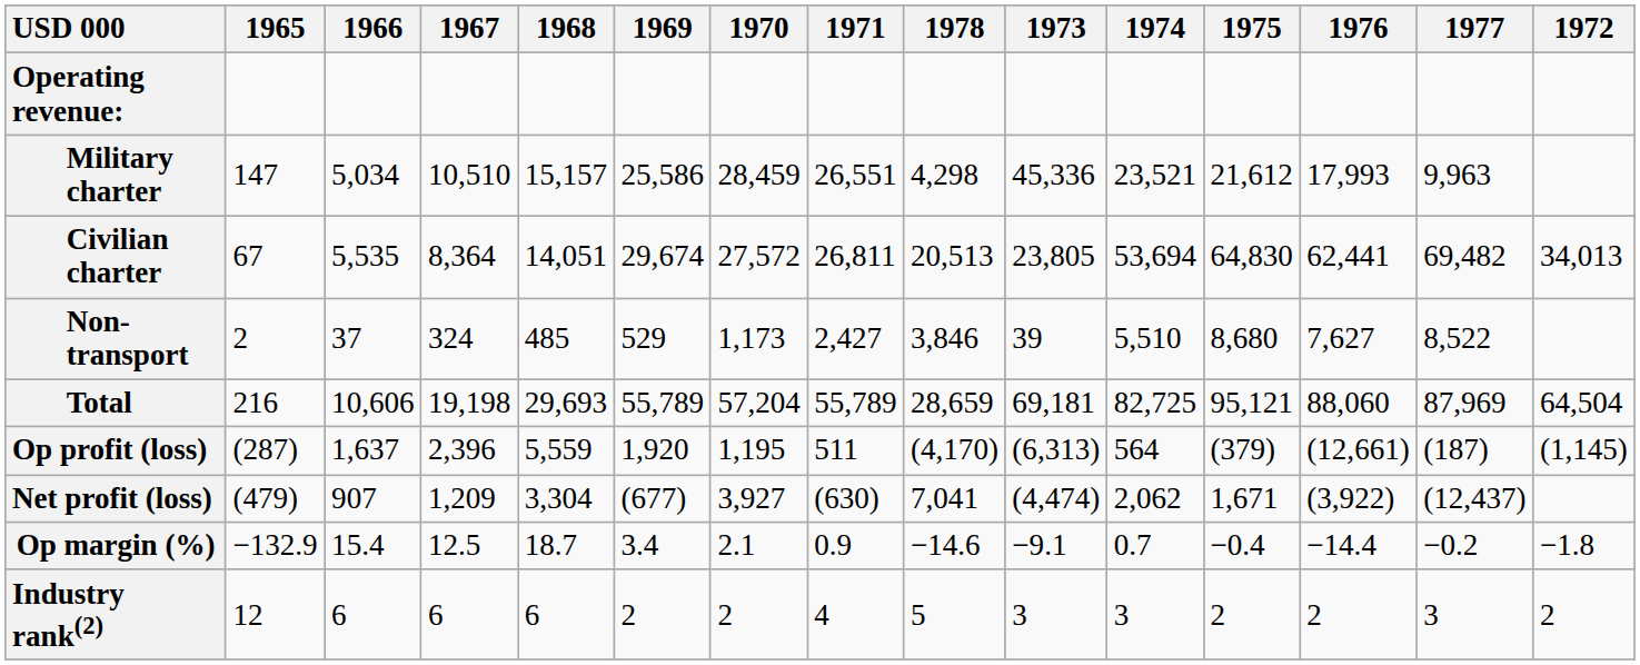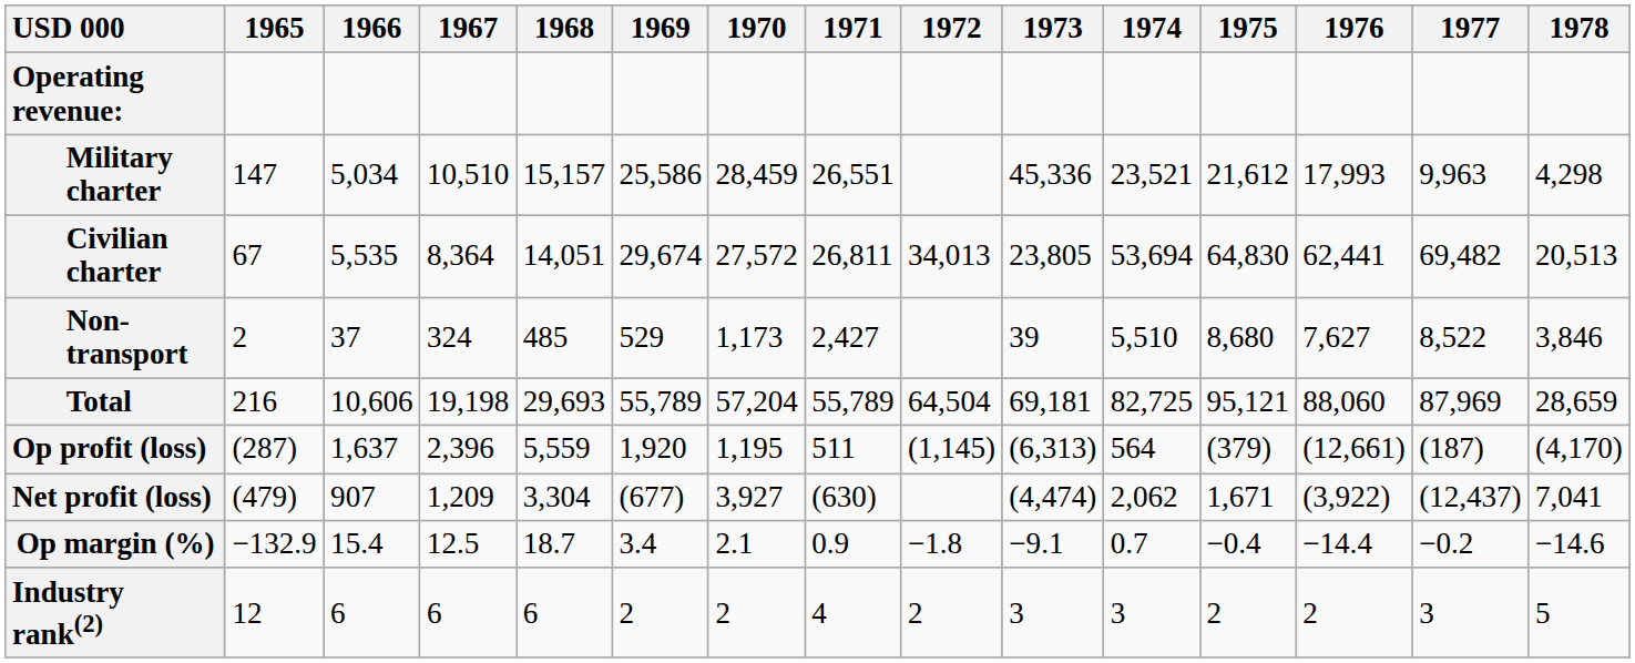 <table class="wikitable plain-row-headers defaultright">
 <tr>
 <th style="text-align: left;">USD 000</th>
 <th>1965</th>
 <th>1966</th>
 <th>1967</th>
 <th>1968</th>
 <th>1969</th>
 <th>1970</th>
 <th>1971</th>
-<th>1978</th>
+<th>1972</th>
 <th>1973</th>
 <th>1974</th>
 <th>1975</th>
 <th>1976</th>
 <th>1977</th>
-<th>1972</th>
+<th>1978</th>
 </tr>
 <tr>
 <th style="text-align: left;">Operating revenue:</th>
 <td></td>
 <td></td>
 <td></td>
 <td></td>
 <td></td>
 <td></td>
 <td></td>
 <td></td>
 <td></td>
 <td></td>
 <td></td>
 <td></td>
 <td></td>
 <td></td>
 </tr>
 <tr>
 <th style="text-align: left; padding-left: 2em;">Military charter</th>
 <td>147</td>
 <td>5,034</td>
 <td>10,510</td>
 <td>15,157</td>
 <td>25,586</td>
 <td>28,459</td>
 <td>26,551</td>
-<td>4,298</td>
+<td></td>
 <td>45,336</td>
 <td>23,521</td>
 <td>21,612</td>
 <td>17,993</td>
 <td>9,963</td>
-<td></td>
+<td>4,298</td>
 </tr>
 <tr>
 <th style="text-align: left; padding-left: 2em;">Civilian charter</th>
 <td>67</td>
 <td>5,535</td>
 <td>8,364</td>
 <td>14,051</td>
 <td>29,674</td>
 <td>27,572</td>
 <td>26,811</td>
-<td>20,513</td>
+<td>34,013</td>
 <td>23,805</td>
 <td>53,694</td>
 <td>64,830</td>
 <td>62,441</td>
 <td>69,482</td>
-<td>34,013</td>
+<td>20,513</td>
 </tr>
 <tr>
 <th style="text-align: left; padding-left: 2em;">Non-transport</th>
 <td>2</td>
 <td>37</td>
 <td>324</td>
 <td>485</td>
 <td>529</td>
 <td>1,173</td>
 <td>2,427</td>
-<td>3,846</td>
+<td></td>
 <td>39</td>
 <td>5,510</td>
 <td>8,680</td>
 <td>7,627</td>
 <td>8,522</td>
-<td></td>
+<td>3,846</td>
 </tr>
 <tr>
 <th style="text-align: left; padding-left: 2em;">Total</th>
 <td>216</td>
 <td>10,606</td>
 <td>19,198</td>
 <td>29,693</td>
 <td>55,789</td>
 <td>57,204</td>
 <td>55,789</td>
-<td>28,659</td>
+<td>64,504</td>
 <td>69,181</td>
 <td>82,725</td>
 <td>95,121</td>
 <td>88,060</td>
 <td>87,969</td>
-<td>64,504</td>
+<td>28,659</td>
 </tr>
 <tr>
 <th style="text-align: left;">Op profit (loss)</th>
 <td>(287)</td>
 <td>1,637</td>
 <td>2,396</td>
 <td>5,559</td>
 <td>1,920</td>
 <td>1,195</td>
 <td>511</td>
-<td>(4,170)</td>
+<td>(1,145)</td>
 <td>(6,313)</td>
 <td>564</td>
 <td>(379)</td>
 <td>(12,661)</td>
 <td>(187)</td>
-<td>(1,145)</td>
+<td>(4,170)</td>
 </tr>
 <tr>
 <th style="text-align: left;">Net profit (loss)</th>
 <td>(479)</td>
 <td>907</td>
 <td>1,209</td>
 <td>3,304</td>
 <td>(677)</td>
 <td>3,927</td>
 <td>(630)</td>
-<td>7,041</td>
+<td></td>
 <td>(4,474)</td>
 <td>2,062</td>
 <td>1,671</td>
 <td>(3,922)</td>
 <td>(12,437)</td>
-<td></td>
+<td>7,041</td>
 </tr>
 <tr>
 <th style="text align: left;">Op margin (%)</th>
 <td>−132.9</td>
 <td>15.4</td>
 <td>12.5</td>
 <td>18.7</td>
 <td>3.4</td>
 <td>2.1</td>
 <td>0.9</td>
-<td>−14.6</td>
+<td>−1.8</td>
 <td>−9.1</td>
 <td>0.7</td>
 <td>−0.4</td>
 <td>−14.4</td>
 <td>−0.2</td>
-<td>−1.8</td>
+<td>−14.6</td>
 </tr>
 <tr>
 <th style="text-align: left;">Industry rank<sup>(2)</sup></th>
 <td>12</td>
 <td>6</td>
 <td>6</td>
 <td>6</td>
 <td>2</td>
 <td>2</td>
 <td>4</td>
-<td>5</td>
+<td>2</td>
 <td>3</td>
 <td>3</td>
 <td>2</td>
 <td>2</td>
 <td>3</td>
-<td>2</td>
+<td>5</td>
 </tr>
 </table>
